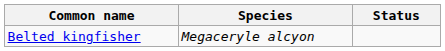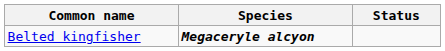 <table width=70% class="wikitable">
 <tr>
 <th width=20%>Common name</th>
 <th width=20%>Species</th>
 <th width=8%>Status</th>
 </tr>
 <tr>
 <td><a href='#'>Belted kingfisher</a></td>
-<td><em>Megaceryle alcyon</em></td>
+<td><strong><em>Megaceryle alcyon</em></strong></td>
 <td align=center></td>
 </tr>
 <tr>
 </tr>
 </table>
